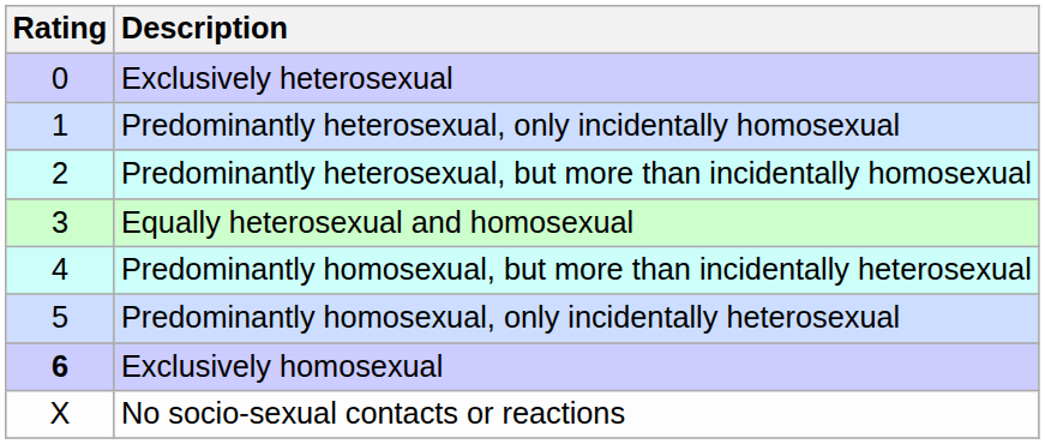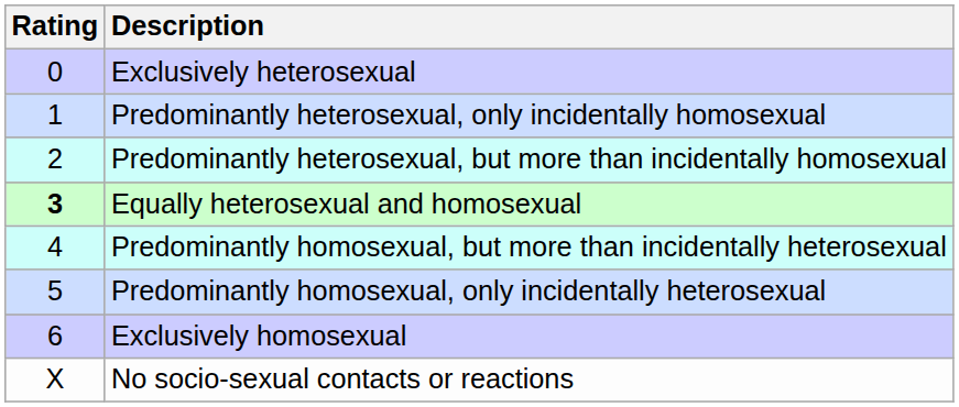 <table class="wikitable">
 <tr>
 <th>Rating</th>
 <th style="text-align: left">Description</th>
 </tr>
 <tr style="background-color: #ccccff">
 <td style="text-align: center">0</td>
 <td>Exclusively heterosexual</td>
 </tr>
 <tr style="background-color: #ccddff">
 <td style="text-align: center">1</td>
 <td>Predominantly heterosexual, only incidentally homosexual</td>
 </tr>
 <tr style="background-color: #ccfffa">
 <td style="text-align: center">2</td>
 <td>Predominantly heterosexual, but more than incidentally homosexual</td>
 </tr>
 <tr style="background-color: #ccffcc">
-<td style="text-align: center">3</td>
+<td style="text-align: center"><strong>3</strong></td>
 <td>Equally heterosexual and homosexual</td>
 </tr>
 <tr style="background-color: #ccfffa">
 <td style="text-align: center">4</td>
 <td>Predominantly homosexual, but more than incidentally heterosexual</td>
 </tr>
 <tr style="background-color: #ccddff">
 <td style="text-align: center">5</td>
 <td>Predominantly homosexual, only incidentally heterosexual</td>
 </tr>
 <tr style="background-color: #ccccff">
-<td style="text-align: center"><strong>6</strong></td>
+<td style="text-align: center">6</td>
 <td>Exclusively homosexual</td>
 </tr>
 <tr style="background-color: #fdfdfd">
 <td style="text-align: center">X</td>
 <td>No socio-sexual contacts or reactions</td>
 </tr>
 </table>
